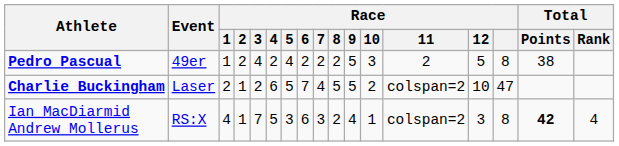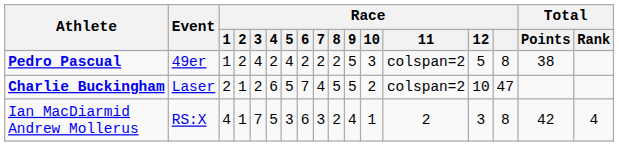 <table class=wikitable style=font-size:90%;text-align:center>
 <tr>
 <th rowspan=2>Athlete</th>
 <th rowspan=2>Event</th>
 <th colspan=13>Race</th>
 <th colspan=2>Total</th>
 </tr>
 <tr style=font-size:95%>
 <th>1</th>
 <th>2</th>
 <th>3</th>
 <th>4</th>
 <th>5</th>
 <th>6</th>
 <th>7</th>
 <th>8</th>
 <th>9</th>
 <th>10</th>
 <th>11</th>
 <th>12</th>
 <th></th>
 <th>Points</th>
 <th>Rank</th>
 </tr>
 <tr>
 <td align=left><strong><a href='#'>Pedro Pascual</a></strong></td>
 <td align=left><a href='#'>49er</a></td>
 <td>1</td>
 <td>2</td>
 <td>4</td>
 <td>2</td>
 <td>4</td>
 <td>2</td>
 <td>2</td>
 <td>2</td>
 <td>5</td>
 <td>3</td>
-<td>2</td>
+<td>colspan=2 </td>
 <td>5</td>
 <td>8</td>
 <td>38</td>
 <td></td>
 </tr>
 <tr>
 <td align=left><strong><a href='#'>Charlie Buckingham</a></strong></td>
 <td align=left><a href='#'>Laser</a></td>
 <td>2</td>
 <td>1</td>
 <td>2</td>
 <td>6</td>
 <td>5</td>
 <td>7</td>
 <td>4</td>
 <td>5</td>
 <td>5</td>
 <td>2</td>
 <td>colspan=2 </td>
 <td>10</td>
 <td>47</td>
 <td></td>
 </tr>
 <tr>
 <td align=left><a href='#'>Ian MacDiarmid</a><br><a href='#'>Andrew Mollerus</a></td>
 <td align=left><a href='#'>RS:X</a></td>
 <td>4</td>
 <td>1</td>
 <td>7</td>
 <td>5</td>
 <td>3</td>
 <td>6</td>
 <td>3</td>
 <td>2</td>
 <td>4</td>
 <td>1</td>
-<td>colspan=2 </td>
+<td>2</td>
 <td>3</td>
 <td>8</td>
-<td><strong>42</strong></td>
+<td>42</td>
 <td>4</td>
 </tr>
 </table>
